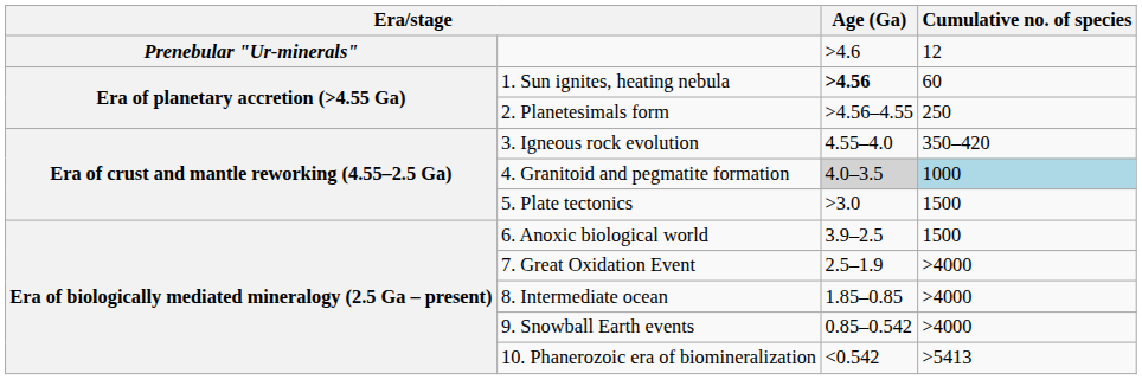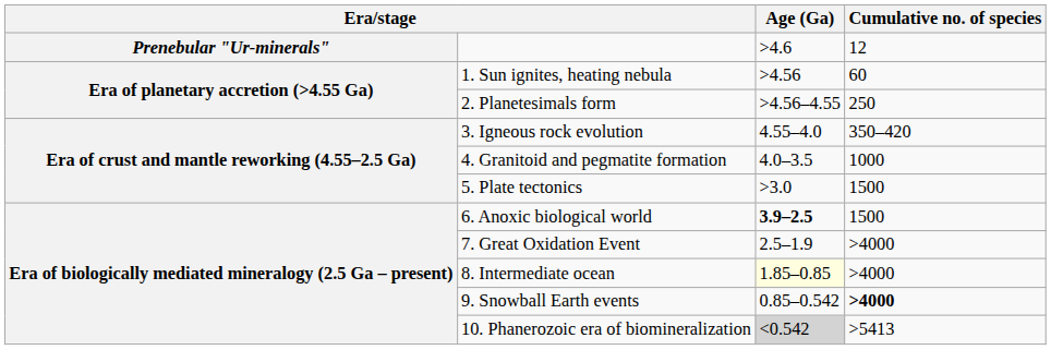 <table class="wikitable plainrowheaders">
 <tr>
 <th scope="col" colspan="2">Era/stage</th>
 <th scope="col">Age (Ga)</th>
 <th scope="col">Cumulative no. of species</th>
 </tr>
 <tr>
 <th scope="row"><em>Prenebular "Ur-minerals"</em></th>
 <td></td>
 <td>>4.6</td>
 <td>12</td>
 </tr>
 <tr>
 <th scope="row" rowspan="2">Era of planetary accretion (>4.55 Ga)</th>
 <td>1. Sun ignites, heating nebula</td>
-<td><strong>>4.56</strong></td>
+<td>>4.56</td>
 <td>60</td>
 </tr>
 <tr>
 <td>2. Planetesimals form</td>
 <td>>4.56–4.55</td>
 <td>250</td>
 </tr>
 <tr>
 <th scope="row" rowspan="3">Era of crust and mantle reworking (4.55–2.5 Ga)</th>
 <td>3. Igneous rock evolution</td>
 <td>4.55–4.0</td>
 <td>350–420</td>
 </tr>
 <tr>
 <td>4. Granitoid and pegmatite formation</td>
-<td style="background: lightgrey;">4.0–3.5</td>
-<td style="background: lightblue;">1000</td>
+<td>4.0–3.5</td>
+<td>1000</td>
 </tr>
 <tr>
 <td>5. Plate tectonics</td>
 <td>>3.0</td>
 <td>1500</td>
 </tr>
 <tr>
 <th scope="row" rowspan="5">Era of biologically mediated mineralogy (2.5 Ga – present)</th>
 <td>6. Anoxic biological world</td>
-<td>3.9–2.5</td>
+<td><strong>3.9–2.5</strong></td>
 <td>1500</td>
 </tr>
 <tr>
 <td>7. Great Oxidation Event</td>
 <td>2.5–1.9</td>
 <td>>4000</td>
 </tr>
 <tr>
 <td>8. Intermediate ocean</td>
-<td>1.85–0.85</td>
+<td style="background: lightyellow;">1.85–0.85</td>
 <td>>4000</td>
 </tr>
 <tr>
 <td>9. Snowball Earth events</td>
 <td>0.85–0.542</td>
-<td>>4000</td>
+<td><strong>>4000</strong></td>
 </tr>
 <tr>
 <td>10. Phanerozoic era of biomineralization</td>
-<td><0.542</td>
+<td style="background: lightgrey;"><0.542</td>
 <td>>5413</td>
 </tr>
 </table>
